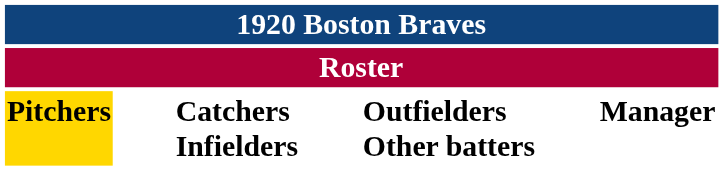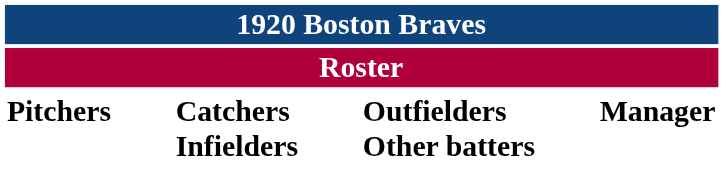 <table class="toccolours" style="font-size: 95%;">
 <tr>
 <th colspan="10" style="background-color: #0f437c; color: white; text-align: center;">1920 Boston Braves</th>
 </tr>
 <tr>
 <td colspan="10" style="background-color: #af0039; color: white; text-align: center;"><strong>Roster</strong></td>
 </tr>
 <tr>
-<td valign="top" style="background: gold;"><strong>Pitchers</strong><br>          </td>
+<td valign="top"><strong>Pitchers</strong><br>          </td>
 <td width="25px"></td>
 <td valign="top"><strong>Catchers</strong><br>  <strong>Infielders</strong>         </td>
 <td width="25px"></td>
 <td valign="top"><strong>Outfielders</strong><br>       <strong>Other batters</strong> </td>
 <td width="25px"></td>
 <td valign="top"><strong>Manager</strong><br></td>
 </tr>
 </table>
